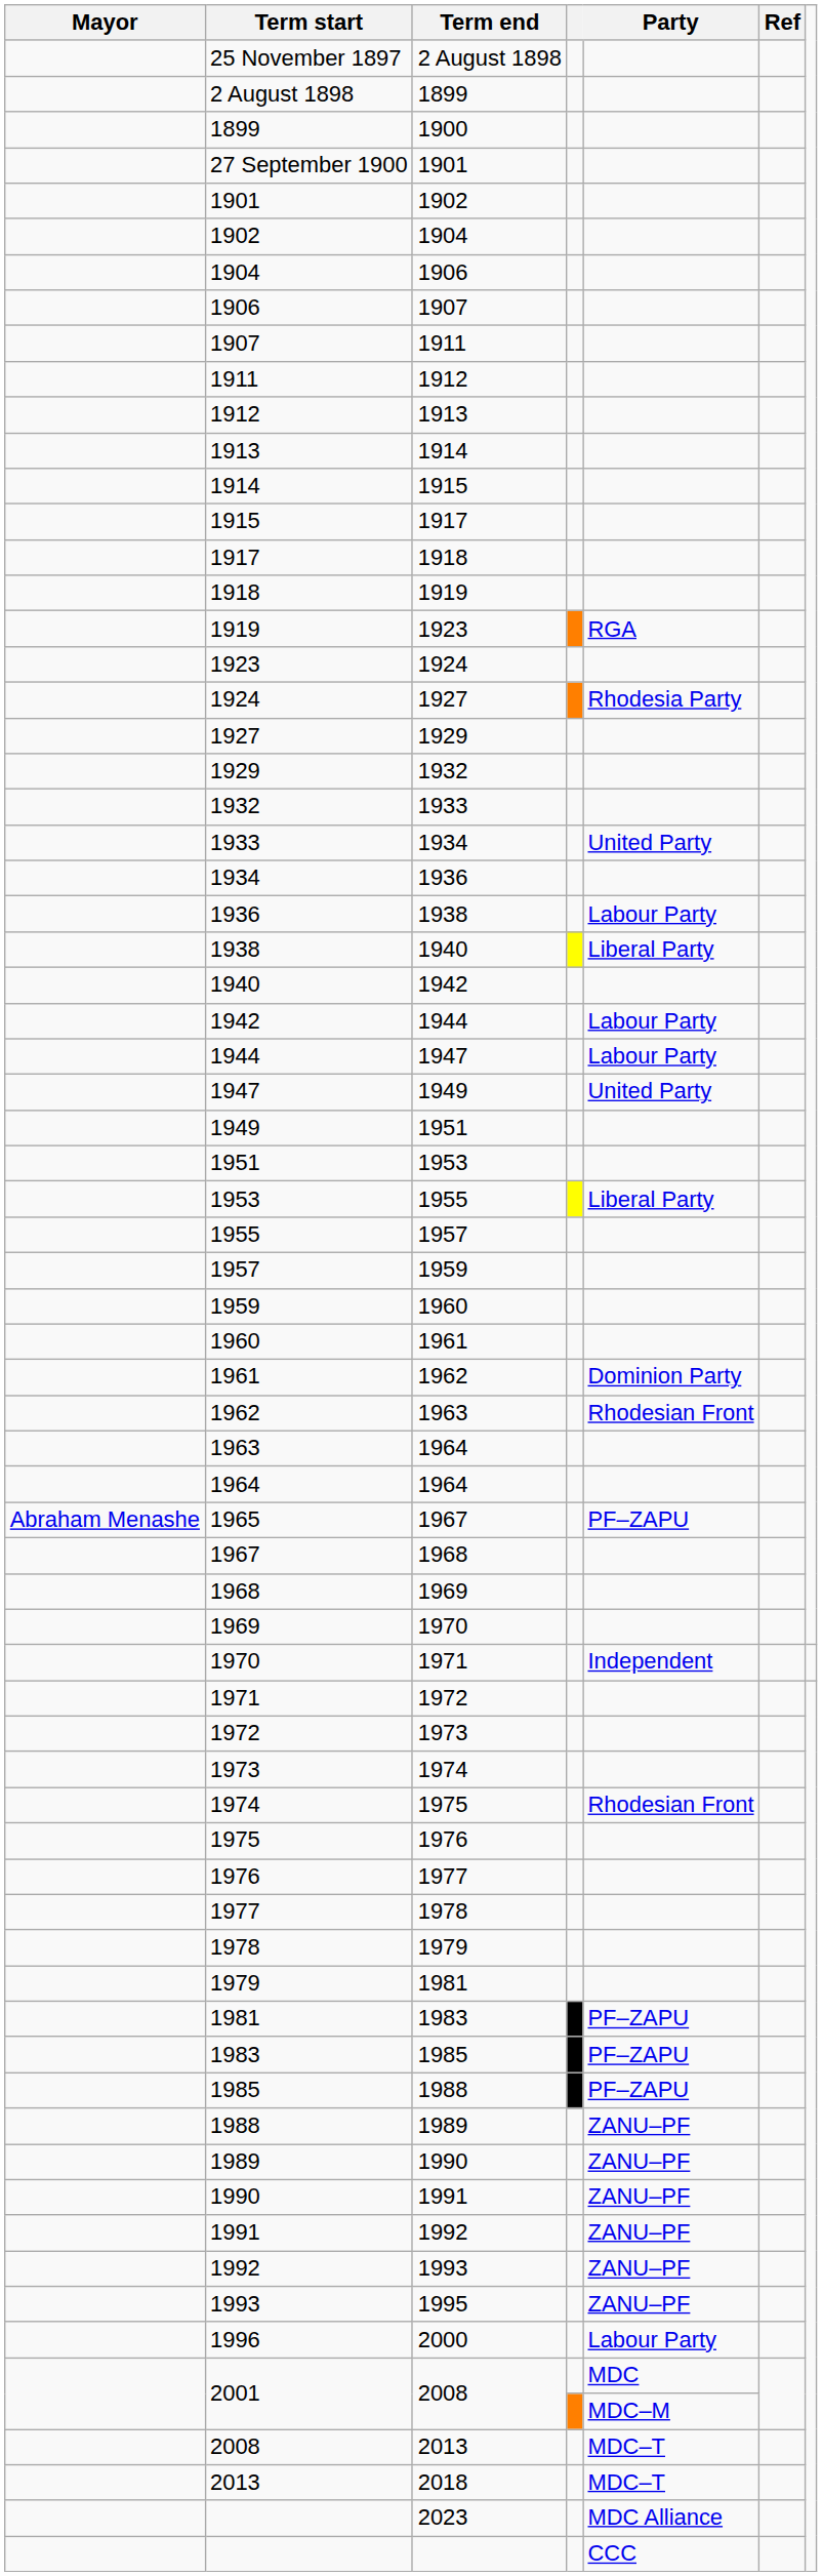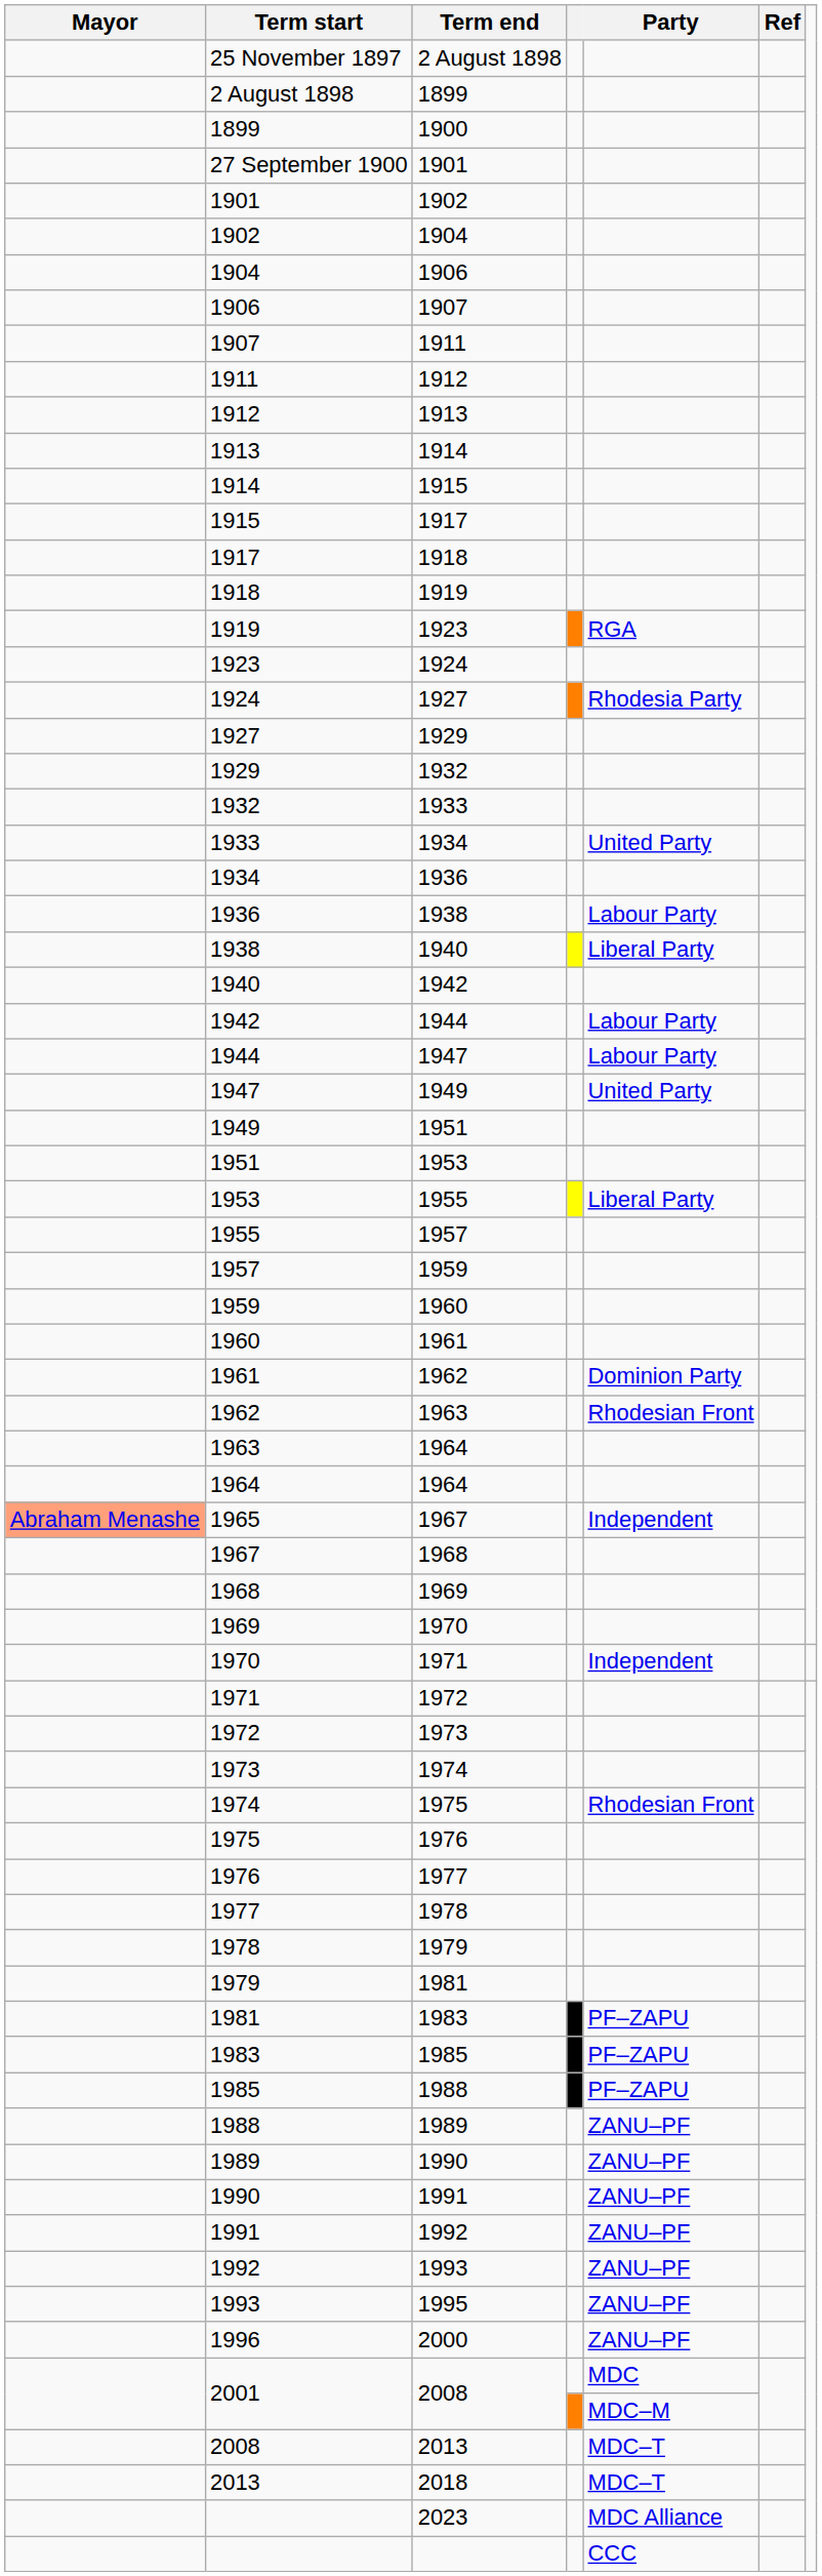 <table class="wikitable sortable">
 <tr>
 <th>Mayor</th>
 <th>Term start</th>
 <th>Term end</th>
 <th class="unsortable"> </th>
 <th style="border-left-style:hidden;padding:0.1em 0em">Party</th>
 <th>Ref</th>
 </tr>
 <tr>
 <td></td>
 <td data-sort-value="1875">25 November 1897</td>
 <td data-sort-value="1876">2 August 1898</td>
 <td bgcolor=""></td>
 <td></td>
 <td></td>
 </tr>
 <tr>
 <td></td>
 <td data-sort-value="1784">2 August 1898</td>
 <td>1899</td>
 <td bgcolor=""></td>
 <td></td>
 <td></td>
 </tr>
 <tr>
 <td></td>
 <td>1899</td>
 <td>1900</td>
 <td bgcolor=""></td>
 <td></td>
 <td></td>
 </tr>
 <tr>
 <td></td>
 <td>27 September 1900</td>
 <td>1901</td>
 <td></td>
 <td></td>
 <td></td>
 </tr>
 <tr>
 <td></td>
 <td>1901</td>
 <td>1902</td>
 <td bgcolor=""></td>
 <td></td>
 <td></td>
 </tr>
 <tr>
 <td></td>
 <td>1902</td>
 <td>1904</td>
 <td bgcolor=""></td>
 <td></td>
 <td></td>
 </tr>
 <tr>
 <td></td>
 <td>1904</td>
 <td>1906</td>
 <td bgcolor=""></td>
 <td></td>
 <td></td>
 </tr>
 <tr>
 <td></td>
 <td>1906</td>
 <td>1907</td>
 <td bgcolor=""></td>
 <td></td>
 <td></td>
 </tr>
 <tr>
 <td></td>
 <td>1907</td>
 <td>1911</td>
 <td bgcolor=""></td>
 <td></td>
 <td></td>
 </tr>
 <tr>
 <td></td>
 <td>1911</td>
 <td>1912</td>
 <td bgcolor=""></td>
 <td></td>
 <td></td>
 </tr>
 <tr>
 <td></td>
 <td>1912</td>
 <td>1913</td>
 <td bgcolor=""></td>
 <td></td>
 <td></td>
 </tr>
 <tr>
 <td></td>
 <td>1913</td>
 <td>1914</td>
 <td bgcolor=""></td>
 <td></td>
 <td></td>
 </tr>
 <tr>
 <td></td>
 <td>1914</td>
 <td>1915</td>
 <td></td>
 <td></td>
 <td></td>
 </tr>
 <tr>
 <td></td>
 <td>1915</td>
 <td>1917</td>
 <td bgcolor=""></td>
 <td></td>
 <td></td>
 </tr>
 <tr>
 <td></td>
 <td>1917</td>
 <td>1918</td>
 <td bgcolor=""></td>
 <td></td>
 <td></td>
 </tr>
 <tr>
 <td></td>
 <td>1918</td>
 <td>1919</td>
 <td bgcolor=""></td>
 <td></td>
 <td></td>
 </tr>
 <tr>
 <td></td>
 <td>1919</td>
 <td>1923</td>
 <td style="color:inherit;background:#FF7F00"></td>
 <td><a href='#'>RGA</a></td>
 <td></td>
 </tr>
 <tr>
 <td></td>
 <td>1923</td>
 <td>1924</td>
 <td bgcolor=""></td>
 <td></td>
 <td></td>
 </tr>
 <tr>
 <td></td>
 <td>1924</td>
 <td>1927</td>
 <td style="color:inherit;background:#FF7F00"></td>
 <td><a href='#'>Rhodesia Party</a></td>
 <td></td>
 </tr>
 <tr>
 <td></td>
 <td>1927</td>
 <td>1929</td>
 <td bgcolor=""></td>
 <td></td>
 <td></td>
 </tr>
 <tr>
 <td></td>
 <td>1929</td>
 <td>1932</td>
 <td bgcolor=""></td>
 <td></td>
 <td></td>
 </tr>
 <tr>
 <td></td>
 <td>1932</td>
 <td>1933</td>
 <td bgcolor=""></td>
 <td></td>
 <td></td>
 </tr>
 <tr>
 <td></td>
 <td>1933</td>
 <td>1934</td>
 <td style="color:inherit;background:"></td>
 <td><a href='#'>United Party</a></td>
 <td></td>
 </tr>
 <tr>
 <td></td>
 <td>1934</td>
 <td>1936</td>
 <td bgcolor=""></td>
 <td></td>
 <td></td>
 </tr>
 <tr>
 <td></td>
 <td>1936</td>
 <td>1938</td>
 <td style="color:inherit;background:"></td>
 <td><a href='#'>Labour Party</a></td>
 <td></td>
 </tr>
 <tr>
 <td></td>
 <td>1938</td>
 <td>1940</td>
 <td bgcolor="yellow"></td>
 <td><a href='#'>Liberal Party</a></td>
 <td></td>
 </tr>
 <tr>
 <td></td>
 <td>1940</td>
 <td>1942</td>
 <td bgcolor=""></td>
 <td></td>
 <td></td>
 </tr>
 <tr>
 <td></td>
 <td>1942</td>
 <td>1944</td>
 <td style="color:inherit;background:"></td>
 <td><a href='#'>Labour Party</a></td>
 <td></td>
 </tr>
 <tr>
 <td></td>
 <td>1944</td>
 <td>1947</td>
 <td style="color:inherit;background:"></td>
 <td><a href='#'>Labour Party</a></td>
 <td></td>
 </tr>
 <tr>
 <td></td>
 <td>1947</td>
 <td>1949</td>
 <td style="color:inherit;background:"></td>
 <td><a href='#'>United Party</a></td>
 <td></td>
 </tr>
 <tr>
 <td></td>
 <td>1949</td>
 <td>1951</td>
 <td bgcolor=""></td>
 <td></td>
 <td></td>
 </tr>
 <tr>
 <td></td>
 <td>1951</td>
 <td>1953</td>
 <td bgcolor=""></td>
 <td></td>
 <td></td>
 </tr>
 <tr>
 <td></td>
 <td>1953</td>
 <td>1955</td>
 <td bgcolor="yellow"></td>
 <td><a href='#'>Liberal Party</a></td>
 <td></td>
 </tr>
 <tr>
 <td></td>
 <td>1955</td>
 <td>1957</td>
 <td bgcolor=""></td>
 <td></td>
 <td></td>
 </tr>
 <tr>
 <td></td>
 <td>1957</td>
 <td>1959</td>
 <td bgcolor=""></td>
 <td></td>
 <td></td>
 </tr>
 <tr>
 <td></td>
 <td>1959</td>
 <td>1960</td>
 <td></td>
 <td></td>
 <td></td>
 </tr>
 <tr>
 <td></td>
 <td>1960</td>
 <td>1961</td>
 <td></td>
 <td></td>
 <td></td>
 </tr>
 <tr>
 <td></td>
 <td>1961</td>
 <td>1962</td>
 <td></td>
 <td><a href='#'>Dominion Party</a></td>
 <td></td>
 </tr>
 <tr>
 <td></td>
 <td>1962</td>
 <td>1963</td>
 <td style="color:inherit;background:"></td>
 <td><a href='#'>Rhodesian Front</a></td>
 <td></td>
 </tr>
 <tr>
 <td></td>
 <td>1963</td>
 <td>1964</td>
 <td></td>
 <td></td>
 <td></td>
 </tr>
 <tr>
 <td></td>
 <td>1964</td>
 <td>1964</td>
 <td></td>
 <td></td>
 <td></td>
 </tr>
 <tr>
-<td><a href='#'>Abraham Menashe</a></td>
+<td style="background: lightsalmon;"><a href='#'>Abraham Menashe</a></td>
 <td>1965</td>
 <td>1967</td>
 <td style="color:inherit;background:"></td>
-<td><a href='#'>PF–ZAPU</a></td>
+<td><a href='#'>Independent</a></td>
 <td></td>
 </tr>
 <tr>
 <td></td>
 <td>1967</td>
 <td>1968</td>
 <td></td>
 <td></td>
 <td></td>
 </tr>
 <tr>
 <td></td>
 <td>1968</td>
 <td>1969</td>
 <td></td>
 <td></td>
 <td></td>
 </tr>
 <tr>
 <td></td>
 <td>1969</td>
 <td>1970</td>
 <td></td>
 <td></td>
 <td></td>
 </tr>
 <tr>
 <td></td>
 <td>1970</td>
 <td>1971</td>
 <td style="color:inherit;background:"></td>
 <td><a href='#'>Independent</a></td>
 <td></td>
 <td></td>
 </tr>
 <tr>
 <td></td>
 <td>1971</td>
 <td>1972</td>
 <td></td>
 <td></td>
 <td></td>
 </tr>
 <tr>
 <td></td>
 <td>1972</td>
 <td>1973</td>
 <td></td>
 <td></td>
 <td></td>
 </tr>
 <tr>
 <td></td>
 <td>1973</td>
 <td>1974</td>
 <td></td>
 <td></td>
 <td></td>
 </tr>
 <tr>
 <td></td>
 <td>1974</td>
 <td>1975</td>
 <td style="color:inherit;background:"></td>
 <td><a href='#'>Rhodesian Front</a></td>
 <td></td>
 </tr>
 <tr>
 <td></td>
 <td>1975</td>
 <td>1976</td>
 <td></td>
 <td></td>
 <td></td>
 </tr>
 <tr>
 <td></td>
 <td>1976</td>
 <td>1977</td>
 <td></td>
 <td></td>
 <td></td>
 </tr>
 <tr>
 <td></td>
 <td>1977</td>
 <td>1978</td>
 <td></td>
 <td></td>
 <td></td>
 </tr>
 <tr>
 <td></td>
 <td>1978</td>
 <td>1979</td>
 <td></td>
 <td></td>
 <td></td>
 </tr>
 <tr>
 <td></td>
 <td>1979</td>
 <td>1981</td>
 <td></td>
 <td></td>
 <td></td>
 </tr>
 <tr>
 <td></td>
 <td>1981</td>
 <td>1983</td>
 <td bgcolor="black"></td>
 <td><a href='#'>PF–ZAPU</a></td>
 <td></td>
 </tr>
 <tr>
 <td></td>
 <td>1983</td>
 <td>1985</td>
 <td bgcolor="black"></td>
 <td><a href='#'>PF–ZAPU</a></td>
 <td></td>
 </tr>
 <tr>
 <td></td>
 <td>1985</td>
 <td>1988</td>
 <td bgcolor="black"></td>
 <td><a href='#'>PF–ZAPU</a></td>
 <td></td>
 </tr>
 <tr>
 <td></td>
 <td>1988</td>
 <td>1989</td>
 <td style="color:inherit;background:"></td>
 <td><a href='#'>ZANU–PF</a></td>
 <td></td>
 </tr>
 <tr>
 <td></td>
 <td>1989</td>
 <td>1990</td>
 <td style="color:inherit;background:"></td>
 <td><a href='#'>ZANU–PF</a></td>
 <td></td>
 </tr>
 <tr>
 <td></td>
 <td>1990</td>
 <td data-sort-value="1984">1991</td>
 <td style="color:inherit;background:"></td>
 <td><a href='#'>ZANU–PF</a></td>
 <td></td>
 </tr>
 <tr>
 <td></td>
 <td>1991</td>
 <td>1992</td>
 <td style="color:inherit;background:"></td>
 <td><a href='#'>ZANU–PF</a></td>
 <td></td>
 </tr>
 <tr>
 <td></td>
 <td>1992</td>
 <td>1993</td>
 <td style="color:inherit;background:"></td>
 <td><a href='#'>ZANU–PF</a></td>
 <td></td>
 </tr>
 <tr>
 <td></td>
 <td>1993</td>
 <td>1995</td>
 <td style="color:inherit;background:"></td>
 <td><a href='#'>ZANU–PF</a></td>
 <td></td>
 </tr>
 <tr>
 <td></td>
 <td>1996</td>
 <td>2000</td>
 <td style="color:inherit;background:"></td>
-<td><a href='#'>Labour Party</a></td>
+<td><a href='#'>ZANU–PF</a></td>
 <td></td>
 </tr>
 <tr>
 <td rowspan="2"></td>
 <td rowspan="2">2001</td>
 <td rowspan="2">2008</td>
 <td style="color:inherit;background:"></td>
 <td><a href='#'>MDC</a> </td>
 <td rowspan="2"></td>
 </tr>
 <tr>
 <td style="color:inherit;background:#FF7F00"></td>
 <td><a href='#'>MDC–M</a> </td>
 </tr>
 <tr>
 <td></td>
 <td>2008</td>
 <td data-sort-value="2013">2013</td>
 <td style="color:inherit;background:"></td>
 <td><a href='#'>MDC–T</a></td>
 <td></td>
 </tr>
 <tr>
 <td></td>
 <td data-sort-value="2013">2013</td>
 <td>2018</td>
 <td style="color:inherit;background:"></td>
 <td><a href='#'>MDC–T</a></td>
 <td></td>
 </tr>
 <tr>
 <td></td>
 <td></td>
 <td>2023</td>
 <td style="color:inherit;background:"></td>
 <td><a href='#'>MDC Alliance</a></td>
 <td></td>
 </tr>
 <tr>
 <td></td>
 <td></td>
 <td></td>
 <td style="color:inherit;background:"></td>
 <td><a href='#'>CCC</a></td>
 <td></td>
 </tr>
 </table>
